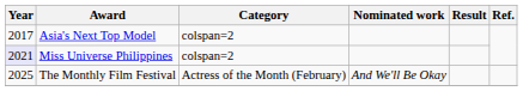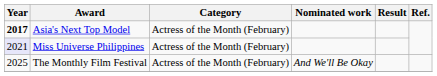 <table class="wikitable sortable">
 <tr>
 <th>Year</th>
 <th>Award</th>
 <th>Category</th>
 <th>Nominated work</th>
 <th class="unsortable">Result</th>
 <th class="unsortable">Ref.</th>
 </tr>
 <tr>
-<td rowspan=1>2017</td>
+<td rowspan=1><strong>2017</strong></td>
 <td><a href='#'>Asia's Next Top Model</a></td>
-<td>colspan=2 </td>
+<td>Actress of the Month (February)</td>
 <td></td>
 <td></td>
 </tr>
 <tr>
 <td style="background: lavender;">2021</td>
 <td><a href='#'>Miss Universe Philippines</a></td>
-<td>colspan=2 </td>
+<td>Actress of the Month (February)</td>
 <td></td>
 <td></td>
 </tr>
 <tr>
 <td>2025</td>
 <td>The Monthly Film Festival</td>
 <td>Actress of the Month (February)</td>
 <td><em>And We'll Be Okay</em></td>
 <td></td>
 <td></td>
 </tr>
 <tr>
 </tr>
 </table>
